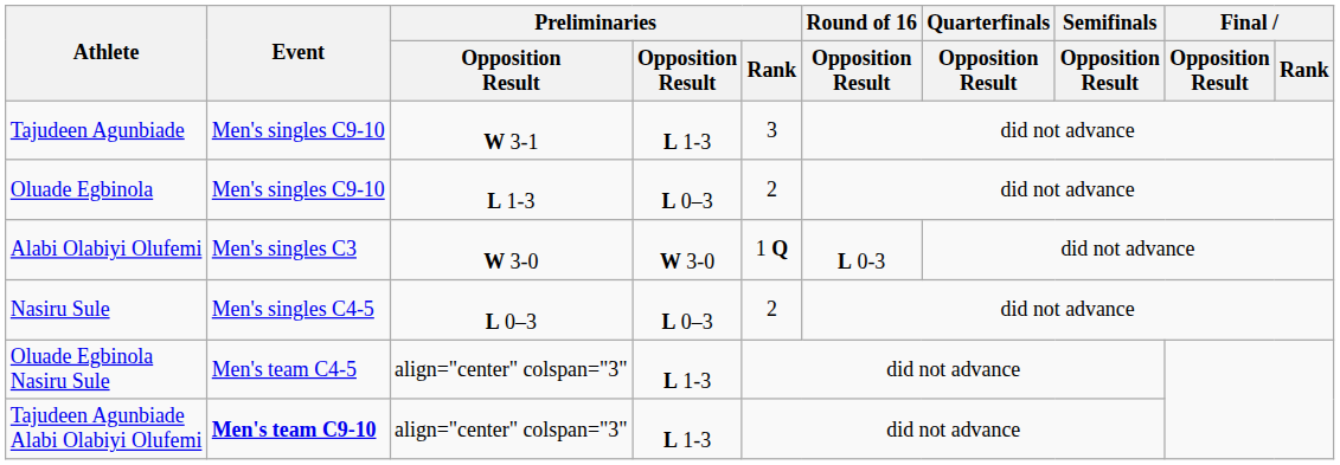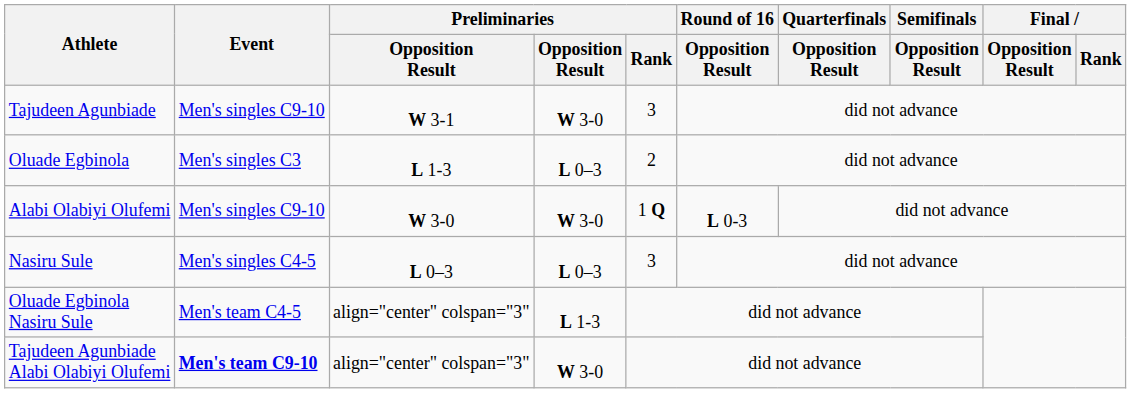 <table class=wikitable style="font-size:90%">
 <tr>
 <th rowspan="2">Athlete</th>
 <th rowspan="2">Event</th>
 <th colspan="3">Preliminaries</th>
 <th>Round of 16</th>
 <th>Quarterfinals</th>
 <th>Semifinals</th>
 <th colspan="2">Final / </th>
 </tr>
 <tr>
 <th>Opposition<br>Result</th>
 <th>Opposition<br>Result</th>
 <th>Rank</th>
 <th>Opposition<br>Result</th>
 <th>Opposition<br>Result</th>
 <th>Opposition<br>Result</th>
 <th>Opposition<br>Result</th>
 <th>Rank</th>
 </tr>
 <tr>
 <td><a href='#'>Tajudeen Agunbiade</a></td>
 <td><a href='#'>Men's singles C9-10</a></td>
 <td align="center"><br><strong>W</strong> 3-1</td>
-<td align="center"><br><strong>L</strong> 1-3</td>
+<td align="center"><br><strong>W</strong> 3-0</td>
 <td align="center">3</td>
 <td align="center" colspan="5">did not advance</td>
 </tr>
 <tr>
 <td><a href='#'>Oluade Egbinola</a></td>
-<td><a href='#'>Men's singles C9-10</a></td>
+<td><a href='#'>Men's singles C3</a></td>
 <td align="center"><br><strong>L</strong> 1-3</td>
 <td align="center"><br><strong>L</strong> 0–3</td>
 <td align="center">2</td>
 <td align="center" colspan="5">did not advance</td>
 </tr>
 <tr>
 <td><a href='#'>Alabi Olabiyi Olufemi</a></td>
-<td><a href='#'>Men's singles C3</a></td>
+<td><a href='#'>Men's singles C9-10</a></td>
 <td align="center"><br><strong>W</strong> 3-0</td>
 <td align="center"><br><strong>W</strong> 3-0</td>
 <td align="center">1 <strong>Q</strong></td>
 <td align="center"><br><strong>L</strong> 0-3</td>
 <td align="center" colspan="4">did not advance</td>
 </tr>
 <tr>
 <td><a href='#'>Nasiru Sule</a></td>
 <td><a href='#'>Men's singles C4-5</a></td>
 <td align="center"><br><strong>L</strong> 0–3</td>
 <td align="center"><br><strong>L</strong> 0–3</td>
-<td align="center">2</td>
+<td align="center">3</td>
 <td align="center" colspan="5">did not advance</td>
 </tr>
 <tr>
 <td><a href='#'>Oluade Egbinola</a><br> <a href='#'>Nasiru Sule</a></td>
 <td><a href='#'>Men's team C4-5</a></td>
 <td>align="center" colspan="3" </td>
 <td align="center"><br><strong>L</strong> 1-3</td>
 <td align="center" colspan="4">did not advance</td>
 </tr>
 <tr>
 <td><a href='#'>Tajudeen Agunbiade</a><br> <a href='#'>Alabi Olabiyi Olufemi</a></td>
 <td><strong><a href='#'>Men's team C9-10</a></strong></td>
 <td>align="center" colspan="3" </td>
-<td align="center"><br><strong>L</strong> 1-3</td>
+<td align="center"><br><strong>W</strong> 3-0</td>
 <td align="center" colspan="4">did not advance</td>
 </tr>
 </table>
